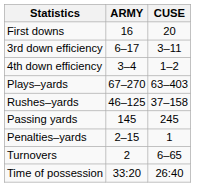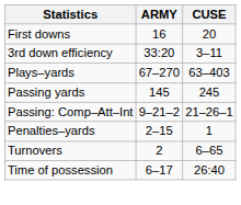 <table class="wikitable">
 <tr>
 <th>Statistics</th>
 <th>ARMY</th>
 <th>CUSE</th>
 </tr>
 <tr>
 <td>First downs</td>
 <td align=center>16</td>
 <td align=center>20</td>
 </tr>
 <tr>
 <td>3rd down efficiency</td>
-<td align=center>6–17</td>
+<td align=center>33:20</td>
 <td align=center>3–11</td>
-</tr>
-<tr>
-<td>4th down efficiency</td>
-<td align=center>3–4</td>
-<td align=center>1–2</td>
 </tr>
 <tr>
 <td>Plays–yards</td>
 <td align=center>67–270</td>
 <td align=center>63–403</td>
 </tr>
 <tr>
-<td>Rushes–yards</td>
-<td align=center>46–125</td>
-<td align=center>37–158</td>
-</tr>
-<tr>
 <td>Passing yards</td>
 <td align=center>145</td>
 <td align=center>245</td>
+</tr>
+<tr>
+<td>Passing: Comp–Att–Int</td>
+<td align=center>9–21–2</td>
+<td align=center>21–26–1</td>
 </tr>
 <tr>
 <td>Penalties–yards</td>
 <td align=center>2–15</td>
 <td align=center>1</td>
 </tr>
 <tr>
 <td>Turnovers</td>
 <td align=center>2</td>
 <td align=center>6–65</td>
 </tr>
 <tr>
 <td>Time of possession</td>
-<td align=center>33:20</td>
+<td align=center>6–17</td>
 <td align=center>26:40</td>
 </tr>
 </table>
